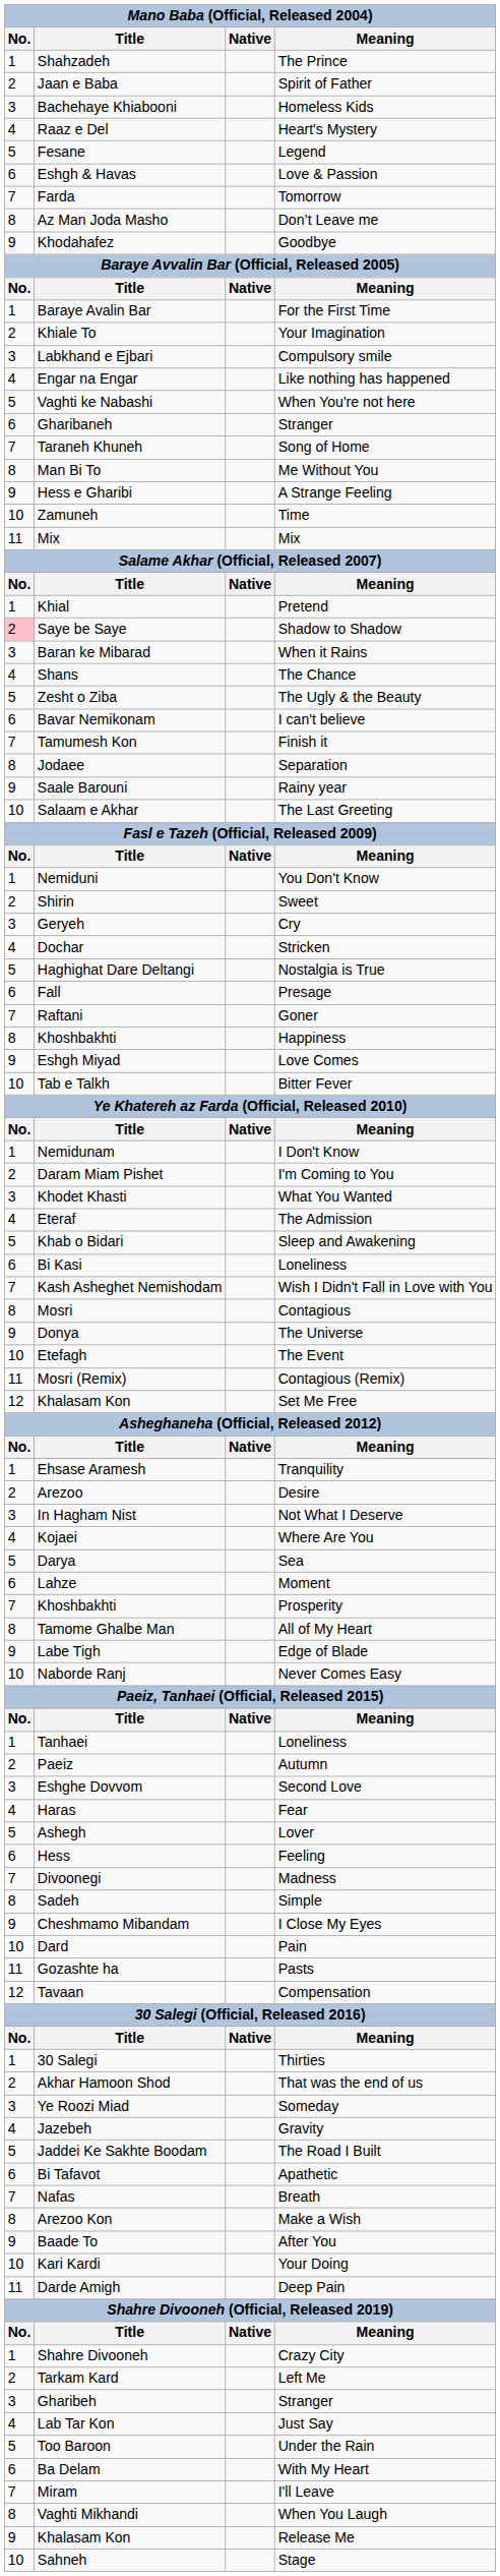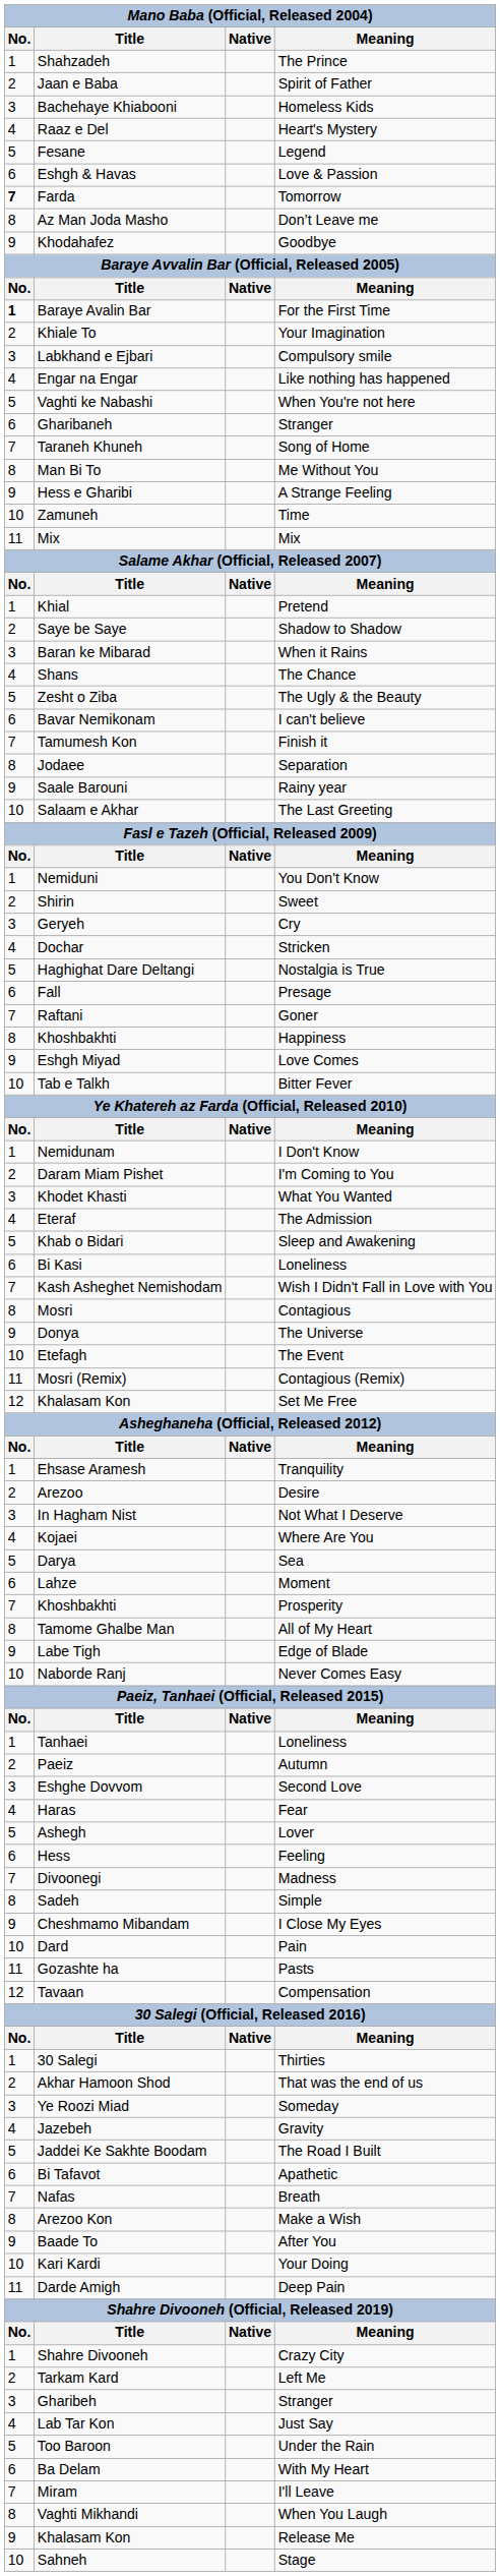 <table class="wikitable">
 <tr style="text-align:center;">
 <th colspan=4 style="background:#B0C4DE;"><em>Mano Baba</em> (Official, Released 2004)</th>
 </tr>
 <tr style="text-align:center;">
 <th>No.</th>
 <th>Title</th>
 <th>Native</th>
 <th>Meaning</th>
 </tr>
 <tr>
 <td>1</td>
 <td>Shahzadeh</td>
 <td></td>
 <td>The Prince</td>
 </tr>
 <tr>
 <td>2</td>
 <td>Jaan e Baba</td>
 <td></td>
 <td>Spirit of Father</td>
 </tr>
 <tr>
 <td>3</td>
 <td>Bachehaye Khiabooni</td>
 <td></td>
 <td>Homeless Kids</td>
 </tr>
 <tr>
 <td>4</td>
 <td>Raaz e Del</td>
 <td></td>
 <td>Heart's Mystery</td>
 </tr>
 <tr>
 <td>5</td>
 <td>Fesane</td>
 <td></td>
 <td>Legend</td>
 </tr>
 <tr>
 <td>6</td>
 <td>Eshgh & Havas</td>
 <td></td>
 <td>Love & Passion</td>
 </tr>
 <tr>
-<td>7</td>
+<td><strong>7</strong></td>
 <td>Farda</td>
 <td></td>
 <td>Tomorrow</td>
 </tr>
 <tr>
 <td>8</td>
 <td>Az Man Joda Masho</td>
 <td></td>
 <td>Don’t Leave me</td>
 </tr>
 <tr>
 <td>9</td>
 <td>Khodahafez</td>
 <td></td>
 <td>Goodbye</td>
 </tr>
 <tr style="text-align:center;">
 <th colspan=4 style="background:#B0C4DE;"><em>Baraye Avvalin Bar</em> (Official, Released 2005)</th>
 </tr>
 <tr style="text-align:center;">
 <th>No.</th>
 <th>Title</th>
 <th>Native</th>
 <th>Meaning</th>
 </tr>
 <tr>
-<td>1</td>
+<td><strong>1</strong></td>
 <td>Baraye Avalin Bar</td>
 <td></td>
 <td>For the First Time</td>
 </tr>
 <tr>
 <td>2</td>
 <td>Khiale To</td>
 <td></td>
 <td>Your Imagination</td>
 </tr>
 <tr>
 <td>3</td>
 <td>Labkhand e Ejbari</td>
 <td></td>
 <td>Compulsory smile</td>
 </tr>
 <tr>
 <td>4</td>
 <td>Engar na Engar</td>
 <td></td>
 <td>Like nothing has happened</td>
 </tr>
 <tr>
 <td>5</td>
 <td>Vaghti ke Nabashi</td>
 <td></td>
 <td>When You're not here</td>
 </tr>
 <tr>
 <td>6</td>
 <td>Gharibaneh</td>
 <td></td>
 <td>Stranger</td>
 </tr>
 <tr>
 <td>7</td>
 <td>Taraneh Khuneh</td>
 <td></td>
 <td>Song of Home</td>
 </tr>
 <tr>
 <td>8</td>
 <td>Man Bi To</td>
 <td></td>
 <td>Me Without You</td>
 </tr>
 <tr>
 <td>9</td>
 <td>Hess e Gharibi</td>
 <td></td>
 <td>A Strange Feeling</td>
 </tr>
 <tr>
 <td>10</td>
 <td>Zamuneh</td>
 <td></td>
 <td>Time</td>
 </tr>
 <tr>
 <td>11</td>
 <td>Mix</td>
 <td></td>
 <td>Mix</td>
 </tr>
 <tr style="text-align:center;">
 <th colspan=4 style="background:#B0C4DE;"><em>Salame Akhar</em> (Official, Released 2007)</th>
 </tr>
 <tr style="text-align:center;">
 <th>No.</th>
 <th>Title</th>
 <th>Native</th>
 <th>Meaning</th>
 </tr>
 <tr>
 <td>1</td>
 <td>Khial</td>
 <td></td>
 <td>Pretend</td>
 </tr>
 <tr>
-<td style="background: pink;">2</td>
+<td>2</td>
 <td>Saye be Saye</td>
 <td></td>
 <td>Shadow to Shadow</td>
 </tr>
 <tr>
 <td>3</td>
 <td>Baran ke Mibarad</td>
 <td></td>
 <td>When it Rains</td>
 </tr>
 <tr>
 <td>4</td>
 <td>Shans</td>
 <td></td>
 <td>The Chance</td>
 </tr>
 <tr>
 <td>5</td>
 <td>Zesht o Ziba</td>
 <td></td>
 <td>The Ugly & the Beauty</td>
 </tr>
 <tr>
 <td>6</td>
 <td>Bavar Nemikonam</td>
 <td></td>
 <td>I can't believe</td>
 </tr>
 <tr>
 <td>7</td>
 <td>Tamumesh Kon</td>
 <td></td>
 <td>Finish it</td>
 </tr>
 <tr>
 <td>8</td>
 <td>Jodaee</td>
 <td></td>
 <td>Separation</td>
 </tr>
 <tr>
 <td>9</td>
 <td>Saale Barouni</td>
 <td></td>
 <td>Rainy year</td>
 </tr>
 <tr>
 <td>10</td>
 <td>Salaam e Akhar</td>
 <td></td>
 <td>The Last Greeting</td>
 </tr>
 <tr style="text-align:center;">
 <th colspan=4 style="background:#B0C4DE;"><em>Fasl e Tazeh</em> (Official, Released 2009)</th>
 </tr>
 <tr style="text-align:center;">
 <th>No.</th>
 <th>Title</th>
 <th>Native</th>
 <th>Meaning</th>
 </tr>
 <tr>
 <td>1</td>
 <td>Nemiduni</td>
 <td></td>
 <td>You Don't Know</td>
 </tr>
 <tr>
 <td>2</td>
 <td>Shirin</td>
 <td></td>
 <td>Sweet</td>
 </tr>
 <tr>
 <td>3</td>
 <td>Geryeh</td>
 <td></td>
 <td>Cry</td>
 </tr>
 <tr>
 <td>4</td>
 <td>Dochar</td>
 <td></td>
 <td>Stricken</td>
 </tr>
 <tr>
 <td>5</td>
 <td>Haghighat Dare Deltangi</td>
 <td></td>
 <td>Nostalgia is True</td>
 </tr>
 <tr>
 <td>6</td>
 <td>Fall</td>
 <td></td>
 <td>Presage</td>
 </tr>
 <tr>
 <td>7</td>
 <td>Raftani</td>
 <td></td>
 <td>Goner</td>
 </tr>
 <tr>
 <td>8</td>
 <td>Khoshbakhti</td>
 <td></td>
 <td>Happiness</td>
 </tr>
 <tr>
 <td>9</td>
 <td>Eshgh Miyad</td>
 <td></td>
 <td>Love Comes</td>
 </tr>
 <tr>
 <td>10</td>
 <td>Tab e Talkh</td>
 <td></td>
 <td>Bitter Fever</td>
 </tr>
 <tr style="text-align:center;">
 <th colspan=4 style="background:#B0C4DE;"><em>Ye Khatereh az Farda</em> (Official, Released 2010)</th>
 </tr>
 <tr style="text-align:center;">
 <th>No.</th>
 <th>Title</th>
 <th>Native</th>
 <th>Meaning</th>
 </tr>
 <tr>
 <td>1</td>
 <td>Nemidunam</td>
 <td></td>
 <td>I Don't Know</td>
 </tr>
 <tr>
 <td>2</td>
 <td>Daram Miam Pishet</td>
 <td></td>
 <td>I'm Coming to You</td>
 </tr>
 <tr>
 <td>3</td>
 <td>Khodet Khasti</td>
 <td></td>
 <td>What You Wanted</td>
 </tr>
 <tr>
 <td>4</td>
 <td>Eteraf</td>
 <td></td>
 <td>The Admission</td>
 </tr>
 <tr>
 <td>5</td>
 <td>Khab o Bidari</td>
 <td></td>
 <td>Sleep and Awakening</td>
 </tr>
 <tr>
 <td>6</td>
 <td>Bi Kasi</td>
 <td></td>
 <td>Loneliness</td>
 </tr>
 <tr>
 <td>7</td>
 <td>Kash Asheghet Nemishodam</td>
 <td></td>
 <td>Wish I Didn't Fall in Love with You</td>
 </tr>
 <tr>
 <td>8</td>
 <td>Mosri</td>
 <td></td>
 <td>Contagious</td>
 </tr>
 <tr>
 <td>9</td>
 <td>Donya</td>
 <td></td>
 <td>The Universe</td>
 </tr>
 <tr>
 <td>10</td>
 <td>Etefagh</td>
 <td></td>
 <td>The Event</td>
 </tr>
 <tr>
 <td>11</td>
 <td>Mosri (Remix)</td>
 <td></td>
 <td>Contagious (Remix)</td>
 </tr>
 <tr>
 <td>12</td>
 <td>Khalasam Kon</td>
 <td></td>
 <td>Set Me Free</td>
 </tr>
 <tr style="text-align:center;">
 <th colspan=4 style="background:#B0C4DE;"><em>Asheghaneha</em> (Official, Released 2012)</th>
 </tr>
 <tr style="text-align:center;">
 <th>No.</th>
 <th>Title</th>
 <th>Native</th>
 <th>Meaning</th>
 </tr>
 <tr>
 <td>1</td>
 <td>Ehsase Aramesh</td>
 <td></td>
 <td>Tranquility</td>
 </tr>
 <tr>
 <td>2</td>
 <td>Arezoo</td>
 <td></td>
 <td>Desire</td>
 </tr>
 <tr>
 <td>3</td>
 <td>In Hagham Nist</td>
 <td></td>
 <td>Not What I Deserve</td>
 </tr>
 <tr>
 <td>4</td>
 <td>Kojaei</td>
 <td></td>
 <td>Where Are You</td>
 </tr>
 <tr>
 <td>5</td>
 <td>Darya</td>
 <td></td>
 <td>Sea</td>
 </tr>
 <tr>
 <td>6</td>
 <td>Lahze</td>
 <td></td>
 <td>Moment</td>
 </tr>
 <tr>
 <td>7</td>
 <td>Khoshbakhti</td>
 <td></td>
 <td>Prosperity</td>
 </tr>
 <tr>
 <td>8</td>
 <td>Tamome Ghalbe Man</td>
 <td></td>
 <td>All of My Heart</td>
 </tr>
 <tr>
 <td>9</td>
 <td>Labe Tigh</td>
 <td></td>
 <td>Edge of Blade</td>
 </tr>
 <tr>
 <td>10</td>
 <td>Naborde Ranj</td>
 <td></td>
 <td>Never Comes Easy</td>
 </tr>
 <tr style="text-align:center;">
 <th colspan=4 style="background:#B0C4DE;"><em>Paeiz, Tanhaei</em> (Official, Released 2015)</th>
 </tr>
 <tr style="text-align:center;">
 <th>No.</th>
 <th>Title</th>
 <th>Native</th>
 <th>Meaning</th>
 </tr>
 <tr>
 <td>1</td>
 <td>Tanhaei</td>
 <td></td>
 <td>Loneliness</td>
 </tr>
 <tr>
 <td>2</td>
 <td>Paeiz</td>
 <td></td>
 <td>Autumn</td>
 </tr>
 <tr>
 <td>3</td>
 <td>Eshghe Dovvom</td>
 <td></td>
 <td>Second Love</td>
 </tr>
 <tr>
 <td>4</td>
 <td>Haras</td>
 <td></td>
 <td>Fear</td>
 </tr>
 <tr>
 <td>5</td>
 <td>Ashegh</td>
 <td></td>
 <td>Lover</td>
 </tr>
 <tr>
 <td>6</td>
 <td>Hess</td>
 <td></td>
 <td>Feeling</td>
 </tr>
 <tr>
 <td>7</td>
 <td>Divoonegi</td>
 <td></td>
 <td>Madness</td>
 </tr>
 <tr>
 <td>8</td>
 <td>Sadeh</td>
 <td></td>
 <td>Simple</td>
 </tr>
 <tr>
 <td>9</td>
 <td>Cheshmamo Mibandam</td>
 <td></td>
 <td>I Close My Eyes</td>
 </tr>
 <tr>
 <td>10</td>
 <td>Dard</td>
 <td></td>
 <td>Pain</td>
 </tr>
 <tr>
 <td>11</td>
 <td>Gozashte ha</td>
 <td></td>
 <td>Pasts</td>
 </tr>
 <tr>
 <td>12</td>
 <td>Tavaan</td>
 <td></td>
 <td>Compensation</td>
 </tr>
 <tr style="text-align:center;">
 <th colspan=4 style="background:#B0C4DE;"><em>30 Salegi</em> (Official, Released 2016)</th>
 </tr>
 <tr style="text-align:center;">
 <th>No.</th>
 <th>Title</th>
 <th>Native</th>
 <th>Meaning</th>
 </tr>
 <tr>
 <td>1</td>
 <td>30 Salegi</td>
 <td></td>
 <td>Thirties</td>
 </tr>
 <tr>
 <td>2</td>
 <td>Akhar Hamoon Shod</td>
 <td></td>
 <td>That was the end of us</td>
 </tr>
 <tr>
 <td>3</td>
 <td>Ye Roozi Miad</td>
 <td></td>
 <td>Someday</td>
 </tr>
 <tr>
 <td>4</td>
 <td>Jazebeh</td>
 <td></td>
 <td>Gravity</td>
 </tr>
 <tr>
 <td>5</td>
 <td>Jaddei Ke Sakhte Boodam</td>
 <td></td>
 <td>The Road I Built</td>
 </tr>
 <tr>
 <td>6</td>
 <td>Bi Tafavot</td>
 <td></td>
 <td>Apathetic</td>
 </tr>
 <tr>
 <td>7</td>
 <td>Nafas</td>
 <td></td>
 <td>Breath</td>
 </tr>
 <tr>
 <td>8</td>
 <td>Arezoo Kon</td>
 <td></td>
 <td>Make a Wish</td>
 </tr>
 <tr>
 <td>9</td>
 <td>Baade To</td>
 <td></td>
 <td>After You</td>
 </tr>
 <tr>
 <td>10</td>
 <td>Kari Kardi</td>
 <td></td>
 <td>Your Doing</td>
 </tr>
 <tr>
 <td>11</td>
 <td>Darde Amigh</td>
 <td></td>
 <td>Deep Pain</td>
 </tr>
 <tr style="text-align:center;">
 <th colspan=4 style="background:#B0C4DE;"><em>Shahre Divooneh</em> (Official, Released 2019)</th>
 </tr>
 <tr style="text-align:center;">
 <th>No.</th>
 <th>Title</th>
 <th>Native</th>
 <th>Meaning</th>
 </tr>
 <tr>
 <td>1</td>
 <td>Shahre Divooneh</td>
 <td></td>
 <td>Crazy City</td>
 </tr>
 <tr>
 <td>2</td>
 <td>Tarkam Kard</td>
 <td></td>
 <td>Left Me</td>
 </tr>
 <tr>
 <td>3</td>
 <td>Gharibeh</td>
 <td></td>
 <td>Stranger</td>
 </tr>
 <tr>
 <td>4</td>
 <td>Lab Tar Kon</td>
 <td></td>
 <td>Just Say</td>
 </tr>
 <tr>
 <td>5</td>
 <td>Too Baroon</td>
 <td></td>
 <td>Under the Rain</td>
 </tr>
 <tr>
 <td>6</td>
 <td>Ba Delam</td>
 <td></td>
 <td>With My Heart</td>
 </tr>
 <tr>
 <td>7</td>
 <td>Miram</td>
 <td></td>
 <td>I'll Leave</td>
 </tr>
 <tr>
 <td>8</td>
 <td>Vaghti Mikhandi</td>
 <td></td>
 <td>When You Laugh</td>
 </tr>
 <tr>
 <td>9</td>
 <td>Khalasam Kon</td>
 <td></td>
 <td>Release Me</td>
 </tr>
 <tr>
 <td>10</td>
 <td>Sahneh</td>
 <td></td>
 <td>Stage</td>
 </tr>
 </table>
